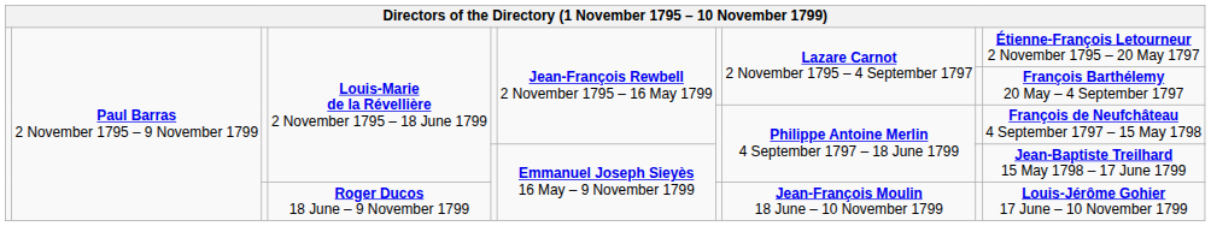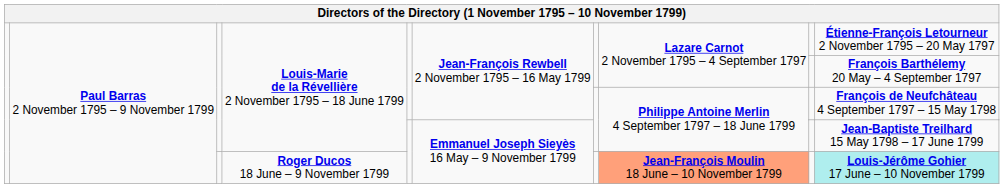 <table class="wikitable alternance" style="text-align:center">
 <tr>
 <th colspan=10><strong>Directors of the Directory</strong> (1 November 1795 – 10 November 1799)</th>
 </tr>
 <tr>
 <td rowspan=6 style="background:"></td>
 <td rowspan=6><strong><a href='#'>Paul Barras</a></strong><br><span>2 November 1795</span> – <span>9 November 1799</span></td>
 <td rowspan=5 style="background:"></td>
 <td rowspan=5><strong><a href='#'>Louis-Marie<br>de la Révellière</a></strong><br><span>2 November 1795</span> – <span>18 June 1799</span><br></td>
 <td rowspan=4 style="background:"></td>
 <td rowspan=4><strong><a href='#'>Jean-François Rewbell</a></strong><br><span>2 November 1795</span> – <span>16 May 1799</span><br></td>
 <td rowspan=2 style="background:"></td>
 <td rowspan=2><strong><a href='#'>Lazare Carnot</a></strong><br><span>2 November 1795</span> – <span>4 September 1797</span><br></td>
 <td style="background:"></td>
 <td><strong><a href='#'>Étienne-François Letourneur</a></strong><br><span>2 November 1795</span> – <span>20 May 1797</span></td>
 </tr>
 <tr>
 <td style="background:"></td>
 <td><strong><a href='#'>François Barthélemy</a></strong><br><span>20 May</span> – <span>4 September 1797</span><br></td>
 </tr>
 <tr>
 <td rowspan=3 style="background:"></td>
 <td rowspan=3><strong><a href='#'>Philippe Antoine Merlin</a></strong><br><span>4 September 1797</span> – <span>18 June 1799</span><br></td>
 <td style="background:"></td>
 <td><strong><a href='#'>François de Neufchâteau</a></strong><br><span>4 September 1797</span> – <span>15 May 1798</span><br></td>
 </tr>
 <tr>
 <td rowspan=2 style="background:"></td>
 <td rowspan=2><strong><a href='#'>Jean-Baptiste Treilhard</a></strong><br><span>15 May 1798</span> – <span>17 June 1799</span><br></td>
 </tr>
 <tr>
 <td rowspan=2 style="background:"></td>
 <td rowspan=2><strong><a href='#'>Emmanuel Joseph Sieyès</a></strong><br><span>16 May</span> – <span>9 November 1799</span></td>
 </tr>
 <tr>
 <td style="background:"></td>
 <td><strong><a href='#'>Roger Ducos</a></strong><br><span>18 June</span> – <span>9 November 1799</span></td>
 <td style="background:"></td>
-<td><strong><a href='#'>Jean-François Moulin</a></strong><br><span>18 June</span> – <span>10 November 1799</span></td>
+<td style="background: lightsalmon;"><strong><a href='#'>Jean-François Moulin</a></strong><br><span>18 June</span> – <span>10 November 1799</span></td>
 <td style="background:"></td>
-<td><strong><a href='#'>Louis-Jérôme Gohier</a></strong><br><span>17 June</span> – <span>10 November 1799</span></td>
+<td style="background: paleturquoise;"><strong><a href='#'>Louis-Jérôme Gohier</a></strong><br><span>17 June</span> – <span>10 November 1799</span></td>
 </tr>
 </table>
